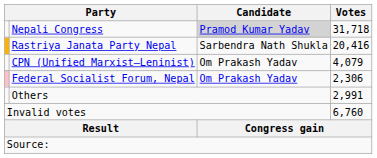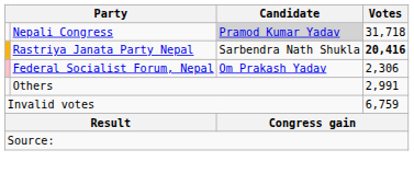 <table class="wikitable">
 <tr>
 <th colspan="2">Party</th>
 <th>Candidate</th>
 <th>Votes</th>
 </tr>
 <tr>
 <td style="background-color:"></td>
 <td><a href='#'>Nepali Congress</a></td>
 <td style="background: lightgrey;"><a href='#'>Pramod Kumar Yadav</a></td>
 <td>31,718</td>
 </tr>
 <tr>
 <td style="background-color:#ffb300"></td>
 <td><a href='#'>Rastriya Janata Party Nepal</a></td>
 <td>Sarbendra Nath Shukla</td>
-<td>20,416</td>
-</tr>
-<tr>
-<td style="background-color:"></td>
-<td><a href='#'>CPN (Unified Marxist–Leninist)</a></td>
-<td>Om Prakash Yadav</td>
-<td>4,079</td>
+<td><strong>20,416</strong></td>
 </tr>
 <tr>
 <td style="background-color:pink"></td>
 <td><a href='#'>Federal Socialist Forum, Nepal</a></td>
 <td><a href='#'>Om Prakash Yadav</a></td>
 <td>2,306</td>
 </tr>
 <tr>
 <td></td>
 <td colspan="2">Others</td>
 <td>2,991</td>
 </tr>
 <tr>
 <td colspan="3">Invalid votes</td>
-<td>6,760</td>
+<td>6,759</td>
 </tr>
 <tr>
 <th colspan="2">Result</th>
 <th colspan="2">Congress gain</th>
 </tr>
 <tr>
 <td colspan="4">Source: </td>
 </tr>
 </table>
